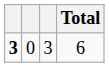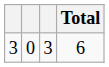 <table class="wikitable">
 <tr>
 <th></th>
 <th></th>
 <th></th>
 <th>Total</th>
 </tr>
 <tr style="text-align:center;">
-<td><strong>3</strong></td>
+<td>3</td>
 <td>0</td>
 <td>3</td>
 <td>6</td>
 </tr>
 </table>
